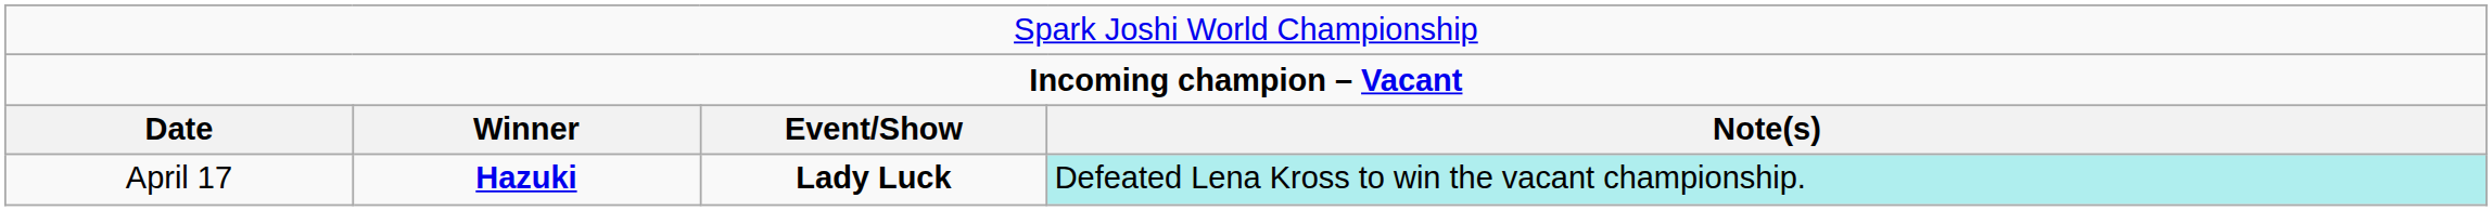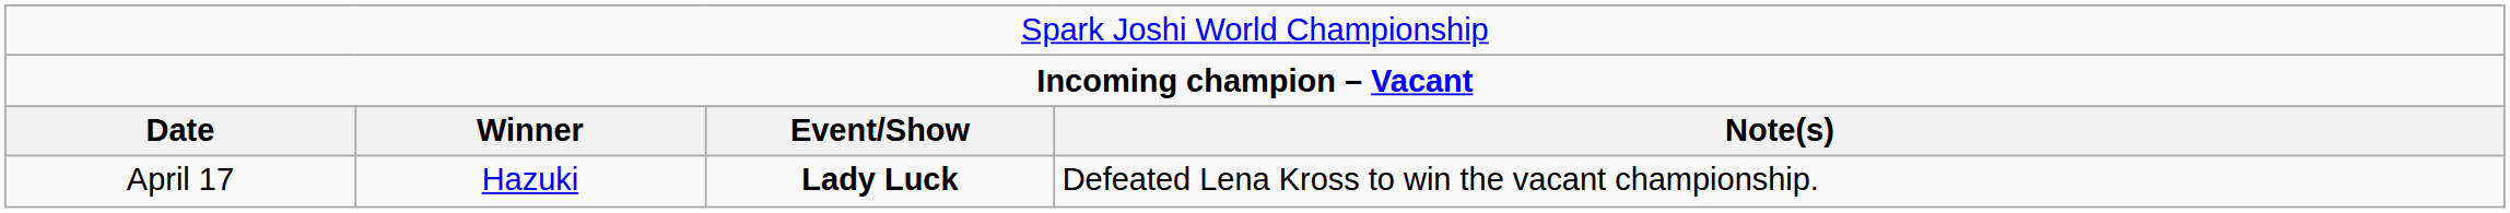 <table class="wikitable" style="text-align:center; width:100%;">
 <tr>
 <td colspan="4" style="text-align: center;"><a href='#'>Spark Joshi World Championship</a></td>
 </tr>
 <tr>
 <td colspan="4" style="text-align: center;"><strong>Incoming champion – <a href='#'>Vacant</a></strong></td>
 </tr>
 <tr>
 <th width=14%>Date</th>
 <th width=14%>Winner</th>
 <th width=14%>Event/Show</th>
 <th width=58%>Note(s)</th>
 </tr>
 <tr>
 <td>April 17</td>
-<td><strong><a href='#'>Hazuki</a></strong></td>
+<td><a href='#'>Hazuki</a></td>
 <td><strong>Lady Luck</strong></td>
-<td align=left style="background: paleturquoise;">Defeated Lena Kross to win the vacant championship.</td>
+<td align=left>Defeated Lena Kross to win the vacant championship.</td>
 </tr>
 </table>
